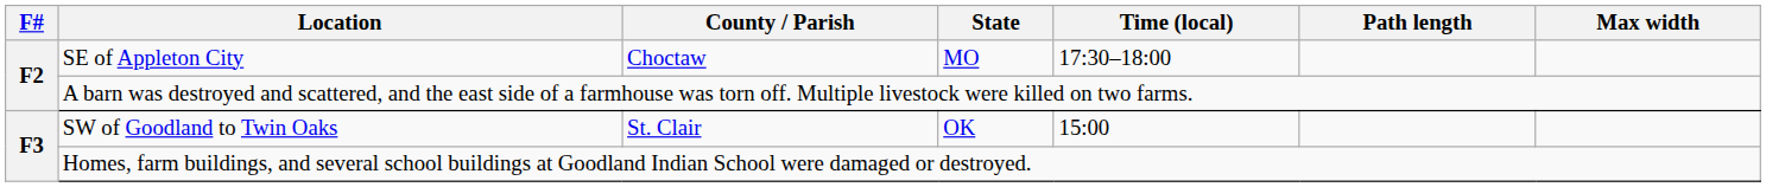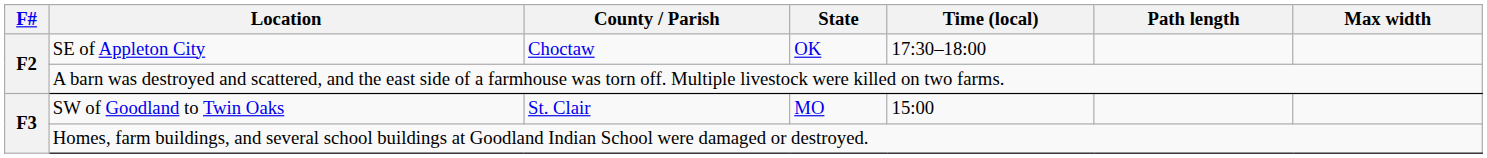 <table class="wikitable sortable" style="width:100%;">
 <tr>
 <th scope="col" align="center"><a href='#'>F#</a><br></th>
 <th scope="col" align="center" class="unsortable">Location</th>
 <th scope="col" align="center" class="unsortable">County / Parish</th>
 <th scope="col" align="center">State</th>
 <th scope="col" align="center">Time (local)</th>
 <th scope="col" align="center">Path length</th>
 <th scope="col" align="center">Max width</th>
 </tr>
 <tr>
 <th scope="row" rowspan="2" style="background-color:#">F2</th>
 <td>SE of <a href='#'>Appleton City</a></td>
 <td><a href='#'>Choctaw</a></td>
-<td><a href='#'>MO</a></td>
+<td><a href='#'>OK</a></td>
 <td>17:30–18:00</td>
 <td></td>
 <td></td>
 </tr>
 <tr class="expand-child">
 <td colspan="6" style="border-bottom: 1px solid black;">A barn was destroyed and scattered, and the east side of a farmhouse was torn off. Multiple livestock were killed on two farms.</td>
 </tr>
 <tr>
 <th scope="row" rowspan="2" style="background-color:#">F3</th>
 <td>SW of <a href='#'>Goodland</a> to <a href='#'>Twin Oaks</a></td>
 <td><a href='#'>St. Clair</a></td>
-<td><a href='#'>OK</a></td>
+<td><a href='#'>MO</a></td>
 <td>15:00</td>
 <td></td>
 <td></td>
 </tr>
 <tr class="expand-child">
 <td colspan="6" style="border-bottom: 1px solid black;">Homes, farm buildings, and several school buildings at Goodland Indian School were damaged or destroyed.</td>
 </tr>
 </table>
